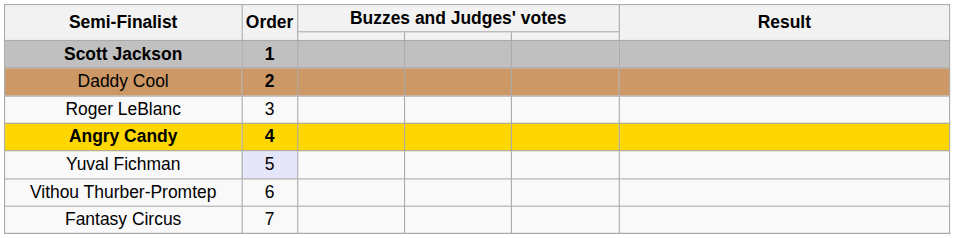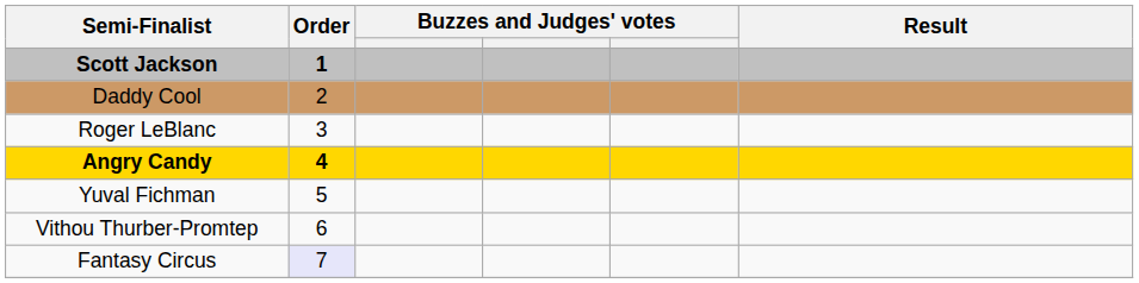 <table class="wikitable plainrowheaders sortable" style="text-align:center;">
 <tr>
 <th scope="col" rowspan="2" class="unsortable" style="width:17em;">Semi-Finalist</th>
 <th scope="col" rowspan="2" style="width:1em;">Order</th>
 <th scope="col" colspan="3" class="unsortable" style="width:24em;">Buzzes and Judges' votes</th>
 <th scope="col" rowspan="2" style="width:25em;">Result</th>
 </tr>
 <tr>
 <th scope="col" class="unsortable" style="width:6em;"></th>
 <th scope="col" class="unsortable" style="width:6em;"></th>
 <th scope="col" class="unsortable" style="width:6em;"></th>
 </tr>
 <tr style="background:silver;">
 <td><strong>Scott Jackson</strong></td>
 <td><strong>1</strong></td>
 <td style="text-align:center"></td>
 <td style="text-align:center"></td>
 <td style="text-align:center"></td>
 <td><strong></strong></td>
 </tr>
 <tr style="background:#c96;">
 <td>Daddy Cool</td>
-<td><strong>2</strong></td>
+<td>2</td>
 <td style="text-align:center"></td>
 <td style="text-align:center"></td>
 <td style="text-align:center"></td>
 <td></td>
 </tr>
 <tr>
 <td>Roger LeBlanc</td>
 <td>3</td>
 <td style="text-align:center"></td>
 <td style="text-align:center"></td>
 <td style="text-align:center"></td>
 <td></td>
 </tr>
 <tr style="background:gold;">
 <td><strong>Angry Candy</strong></td>
 <td><strong>4</strong></td>
 <td style="text-align:center"></td>
 <td style="text-align:center"></td>
 <td style="text-align:center"></td>
 <td><strong></strong></td>
 </tr>
 <tr>
 <td>Yuval Fichman</td>
-<td style="background: lavender;">5</td>
+<td>5</td>
 <td style="text-align:center"></td>
 <td style="text-align:center"></td>
 <td style="text-align:center"></td>
 <td></td>
 </tr>
 <tr>
 <td>Vithou Thurber-Promtep</td>
 <td>6</td>
 <td style="text-align:center"></td>
 <td style="text-align:center"></td>
 <td style="text-align:center"></td>
 <td></td>
 </tr>
 <tr>
 <td>Fantasy Circus</td>
-<td>7</td>
+<td style="background: lavender;">7</td>
 <td style="text-align:center"></td>
 <td style="text-align:center"></td>
 <td style="text-align:center"></td>
 <td></td>
 </tr>
 <tr>
 </tr>
 </table>
